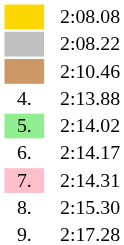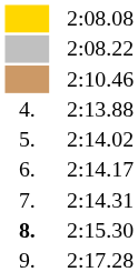 <table style="text-align:center">
 <tr>
 <td width=30 bgcolor=gold></td>
 <td align=left></td>
 <td width=60>2:08.08</td>
 </tr>
 <tr>
 <td bgcolor=silver></td>
 <td align=left></td>
 <td>2:08.22</td>
 </tr>
 <tr>
 <td bgcolor=cc9966></td>
 <td align=left></td>
 <td>2:10.46</td>
 </tr>
 <tr>
 <td>4.</td>
 <td align=left></td>
 <td>2:13.88</td>
 </tr>
 <tr>
-<td style="background: lightgreen;">5.</td>
+<td>5.</td>
 <td align=left></td>
 <td>2:14.02</td>
 </tr>
 <tr>
 <td>6.</td>
 <td align=left></td>
 <td>2:14.17</td>
 </tr>
 <tr>
-<td style="background: pink;">7.</td>
+<td>7.</td>
 <td align=left></td>
 <td>2:14.31</td>
 </tr>
 <tr>
-<td>8.</td>
+<td><strong>8.</strong></td>
 <td align=left></td>
 <td>2:15.30</td>
 </tr>
 <tr>
 <td>9.</td>
 <td align=left></td>
 <td>2:17.28</td>
 </tr>
 </table>
